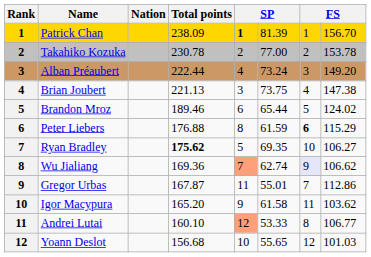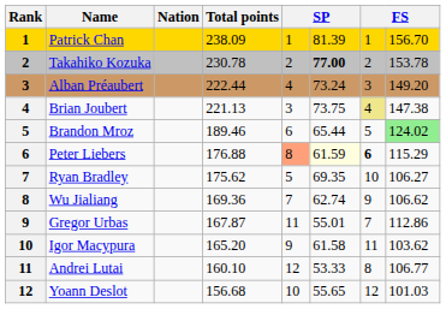 <table class="wikitable">
 <tr>
 <th>Rank</th>
 <th>Name</th>
 <th>Nation</th>
 <th>Total points</th>
 <th colspan="2" width="80px"><a href='#'>SP</a></th>
 <th colspan="2" width="80px"><a href='#'>FS</a></th>
 </tr>
 <tr bgcolor="gold">
 <td align="center"><strong>1</strong></td>
 <td><a href='#'>Patrick Chan</a></td>
 <td></td>
 <td>238.09</td>
-<td><strong>1</strong></td>
+<td>1</td>
 <td>81.39</td>
 <td>1</td>
 <td>156.70</td>
 </tr>
 <tr bgcolor="silver">
 <td align="center"><strong>2</strong></td>
 <td><a href='#'>Takahiko Kozuka</a></td>
 <td></td>
 <td>230.78</td>
 <td>2</td>
-<td>77.00</td>
+<td><strong>77.00</strong></td>
 <td>2</td>
 <td>153.78</td>
 </tr>
 <tr bgcolor="cc9966">
 <td align="center"><strong>3</strong></td>
 <td><a href='#'>Alban Préaubert</a></td>
 <td></td>
 <td>222.44</td>
 <td>4</td>
 <td>73.24</td>
 <td>3</td>
 <td>149.20</td>
 </tr>
 <tr>
 <th>4</th>
 <td><a href='#'>Brian Joubert</a></td>
 <td></td>
 <td>221.13</td>
 <td>3</td>
 <td>73.75</td>
-<td>4</td>
+<td style="background: khaki;">4</td>
 <td>147.38</td>
 </tr>
 <tr>
 <th>5</th>
 <td><a href='#'>Brandon Mroz</a></td>
 <td></td>
 <td>189.46</td>
 <td>6</td>
 <td>65.44</td>
 <td>5</td>
-<td>124.02</td>
+<td style="background: lightgreen;">124.02</td>
 </tr>
 <tr>
 <th>6</th>
 <td><a href='#'>Peter Liebers</a></td>
 <td></td>
 <td>176.88</td>
-<td>8</td>
-<td>61.59</td>
+<td style="background: lightsalmon;">8</td>
+<td style="background: lightyellow;">61.59</td>
 <td><strong>6</strong></td>
 <td>115.29</td>
 </tr>
 <tr>
 <th>7</th>
 <td><a href='#'>Ryan Bradley</a></td>
 <td></td>
-<td><strong>175.62</strong></td>
+<td>175.62</td>
 <td>5</td>
 <td>69.35</td>
 <td>10</td>
 <td>106.27</td>
 </tr>
 <tr>
 <th>8</th>
 <td><a href='#'>Wu Jialiang</a></td>
 <td></td>
 <td>169.36</td>
-<td style="background: lightsalmon;">7</td>
+<td>7</td>
 <td>62.74</td>
-<td style="background: lavender;">9</td>
+<td>9</td>
 <td>106.62</td>
 </tr>
 <tr>
 <th>9</th>
 <td><a href='#'>Gregor Urbas</a></td>
 <td></td>
 <td>167.87</td>
 <td>11</td>
 <td>55.01</td>
 <td>7</td>
 <td>112.86</td>
 </tr>
 <tr>
 <th>10</th>
 <td><a href='#'>Igor Macypura</a></td>
 <td></td>
 <td>165.20</td>
 <td>9</td>
 <td>61.58</td>
 <td>11</td>
 <td>103.62</td>
 </tr>
 <tr>
 <th>11</th>
 <td><a href='#'>Andrei Lutai</a></td>
 <td></td>
 <td>160.10</td>
-<td style="background: lightsalmon;">12</td>
+<td>12</td>
 <td>53.33</td>
 <td>8</td>
 <td>106.77</td>
 </tr>
 <tr>
 <th>12</th>
 <td><a href='#'>Yoann Deslot</a></td>
 <td></td>
 <td>156.68</td>
 <td>10</td>
 <td>55.65</td>
 <td>12</td>
 <td>101.03</td>
 </tr>
 </table>
